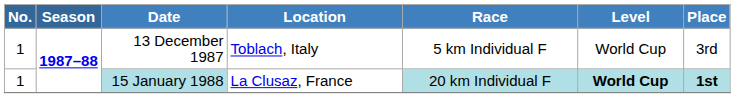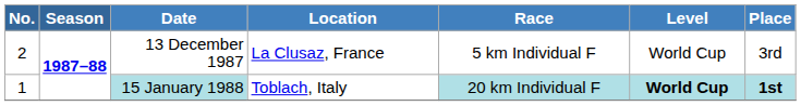 <table class="wikitable sortable" style="font-size:95%; text-align:center; border:grey solid 1px; border-collapse:collapse; background:#ffffff;">
 <tr style="background:#efefef;">
 <th style="background-color:#369; color:white;">No.</th>
 <th style="background-color:#369; color:white;">Season</th>
 <th style="background-color:#4180be; color:white; width:120px;">Date</th>
 <th style="background-color:#4180be; color:white; width:170px;">Location</th>
 <th style="background-color:#4180be; color:white; width:170px;">Race</th>
 <th style="background-color:#4180be; color:white; width:100px;">Level</th>
 <th style="background-color:#4180be; color:white;">Place</th>
 </tr>
 <tr>
-<td align=center>1</td>
+<td align=center>2</td>
 <td rowspan=2 align=center><strong><a href='#'>1987–88</a></strong></td>
 <td align=right>13 December 1987</td>
-<td align=left> <a href='#'>Toblach</a>, Italy</td>
+<td align=left> <a href='#'>La Clusaz</a>, France</td>
 <td>5 km Individual F</td>
 <td>World Cup</td>
 <td>3rd</td>
 </tr>
 <tr>
 <td align=center>1</td>
 <td bgcolor="#BOEOE6" align=right>15 January 1988</td>
-<td align=left> <a href='#'>La Clusaz</a>, France</td>
+<td align=left> <a href='#'>Toblach</a>, Italy</td>
 <td bgcolor="#BOEOE6">20 km Individual F</td>
 <td bgcolor="#BOEOE6"><strong>World Cup</strong></td>
 <td bgcolor="#BOEOE6"><strong>1st</strong></td>
 </tr>
 <tr>
 </tr>
 </table>
